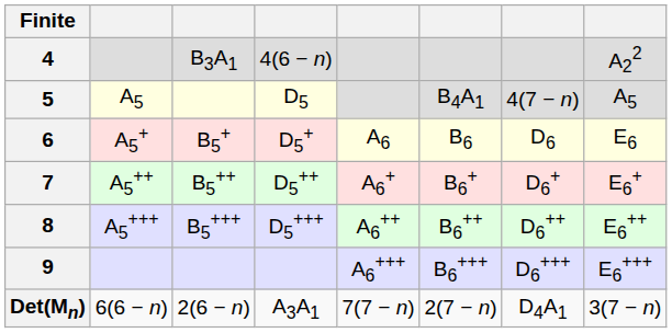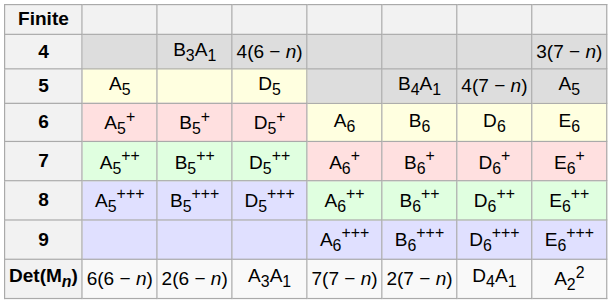 <table class=wikitable>
 <tr>
 <th>Finite</th>
 <th></th>
 <th></th>
 <th></th>
 <th></th>
 <th></th>
 <th></th>
 <th></th>
 </tr>
 <tr align=center  BGCOLOR="#ddd">
 <th>4</th>
 <td></td>
 <td>B<sub>3</sub>A<sub>1</sub><br></td>
 <td>4(6 − <em>n</em>)</td>
 <td></td>
 <td></td>
 <td></td>
-<td>A<sub>2</sub><sup>2</sup><br></td>
+<td>3(7 − <em>n</em>)</td>
 </tr>
 <tr align=center  BGCOLOR="#ddd">
 <th>5</th>
 <td BGCOLOR="#ffffe0">A<sub>5</sub><br></td>
 <td BGCOLOR="#ffffe0"></td>
 <td BGCOLOR="#ffffe0">D<sub>5</sub><br></td>
 <td></td>
 <td>B<sub>4</sub>A<sub>1</sub><br></td>
 <td>4(7 − <em>n</em>)</td>
 <td>A<sub>5</sub><br></td>
 </tr>
 <tr align=center>
 <th>6</th>
 <td BGCOLOR="#ffe0e0">A<sub>5</sub><sup>+</sup><br></td>
 <td BGCOLOR="#ffe0e0">B<sub>5</sub><sup>+</sup><br></td>
 <td BGCOLOR="#ffe0e0">D<sub>5</sub><sup>+</sup><br></td>
 <td BGCOLOR="#ffffe0">A<sub>6</sub><br></td>
 <td BGCOLOR="#ffffe0">B<sub>6</sub><br></td>
 <td BGCOLOR="#ffffe0">D<sub>6</sub><br></td>
 <td BGCOLOR="#ffffe0">E<sub>6</sub><br></td>
 </tr>
 <tr align=center>
 <th>7</th>
 <td BGCOLOR="#e0ffe0">A<sub>5</sub><sup>++</sup><br></td>
 <td BGCOLOR="#e0ffe0">B<sub>5</sub><sup>++</sup><br></td>
 <td BGCOLOR="#e0ffe0">D<sub>5</sub><sup>++</sup><br></td>
 <td BGCOLOR="#ffe0e0">A<sub>6</sub><sup>+</sup><br></td>
 <td BGCOLOR="#ffe0e0">B<sub>6</sub><sup>+</sup><br></td>
 <td BGCOLOR="#ffe0e0">D<sub>6</sub><sup>+</sup><br></td>
 <td BGCOLOR="#ffe0e0">E<sub>6</sub><sup>+</sup><br></td>
 </tr>
 <tr align=center>
 <th>8</th>
 <td BGCOLOR="#e0e0ff">A<sub>5</sub><sup>+++</sup><br></td>
 <td BGCOLOR="#e0e0ff">B<sub>5</sub><sup>+++</sup><br></td>
 <td BGCOLOR="#e0e0ff">D<sub>5</sub><sup>+++</sup><br></td>
 <td BGCOLOR="#e0ffe0">A<sub>6</sub><sup>++</sup><br></td>
 <td BGCOLOR="#e0ffe0">B<sub>6</sub><sup>++</sup><br></td>
 <td BGCOLOR="#e0ffe0">D<sub>6</sub><sup>++</sup><br></td>
 <td BGCOLOR="#e0ffe0">E<sub>6</sub><sup>++</sup><br></td>
 </tr>
 <tr align=center>
 <th>9</th>
 <td BGCOLOR="#e0e0ff"></td>
 <td BGCOLOR="#e0e0ff"></td>
 <td BGCOLOR="#e0e0ff"></td>
 <td BGCOLOR="#e0e0ff">A<sub>6</sub><sup>+++</sup><br></td>
 <td BGCOLOR="#e0e0ff">B<sub>6</sub><sup>+++</sup><br></td>
 <td BGCOLOR="#e0e0ff">D<sub>6</sub><sup>+++</sup><br></td>
 <td BGCOLOR="#e0e0ff">E<sub>6</sub><sup>+++</sup><br></td>
 </tr>
 <tr align=center>
 <th>Det(M<sub><em>n</em></sub>)</th>
 <td>6(6 − <em>n</em>)</td>
 <td>2(6 − <em>n</em>)</td>
 <td>A<sub>3</sub>A<sub>1</sub><br></td>
 <td>7(7 − <em>n</em>)</td>
 <td>2(7 − <em>n</em>)</td>
 <td>D<sub>4</sub>A<sub>1</sub><br></td>
-<td>3(7 − <em>n</em>)</td>
+<td>A<sub>2</sub><sup>2</sup><br></td>
 </tr>
 </table>
